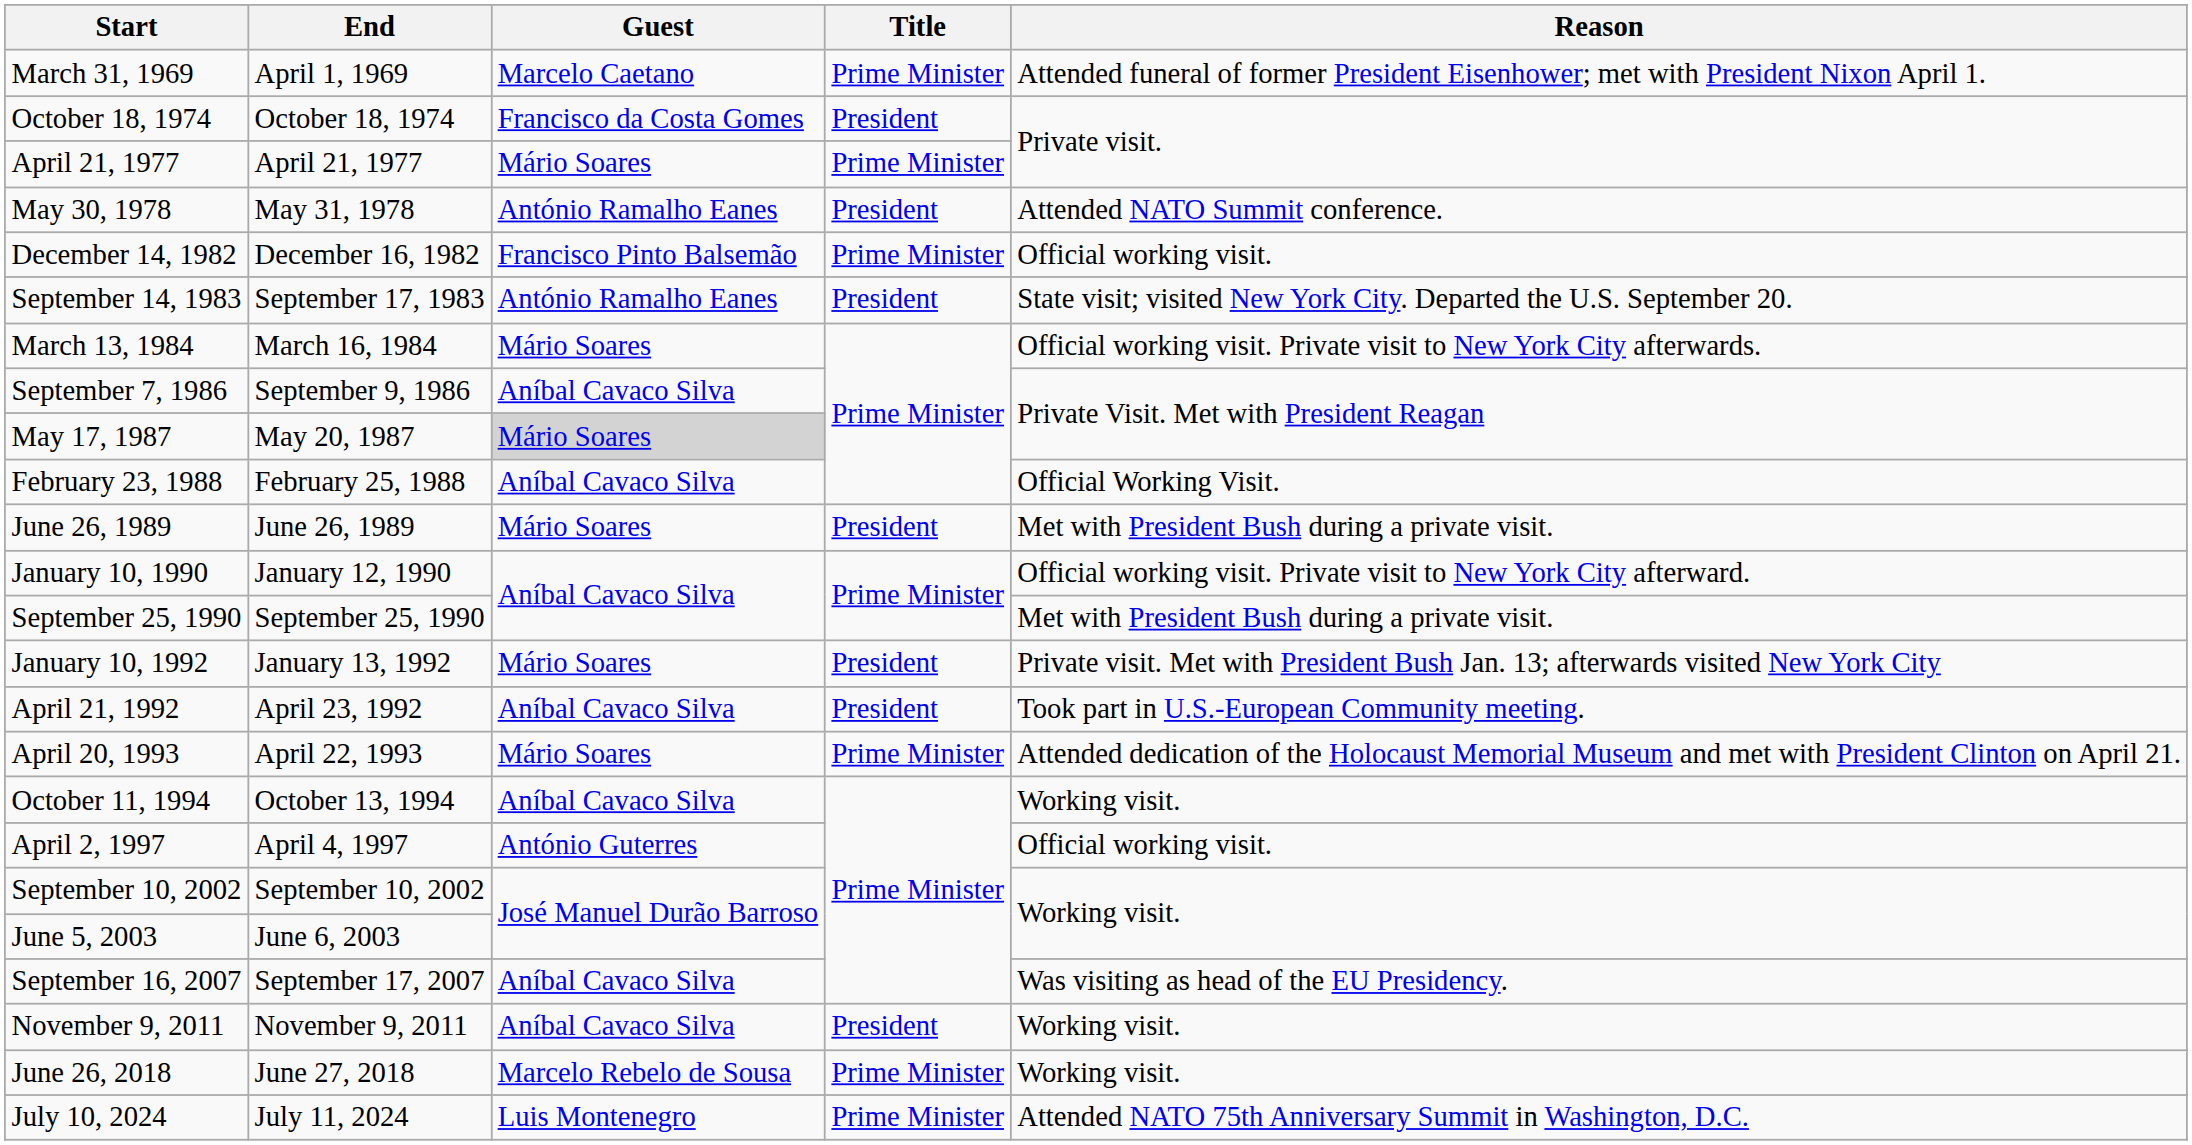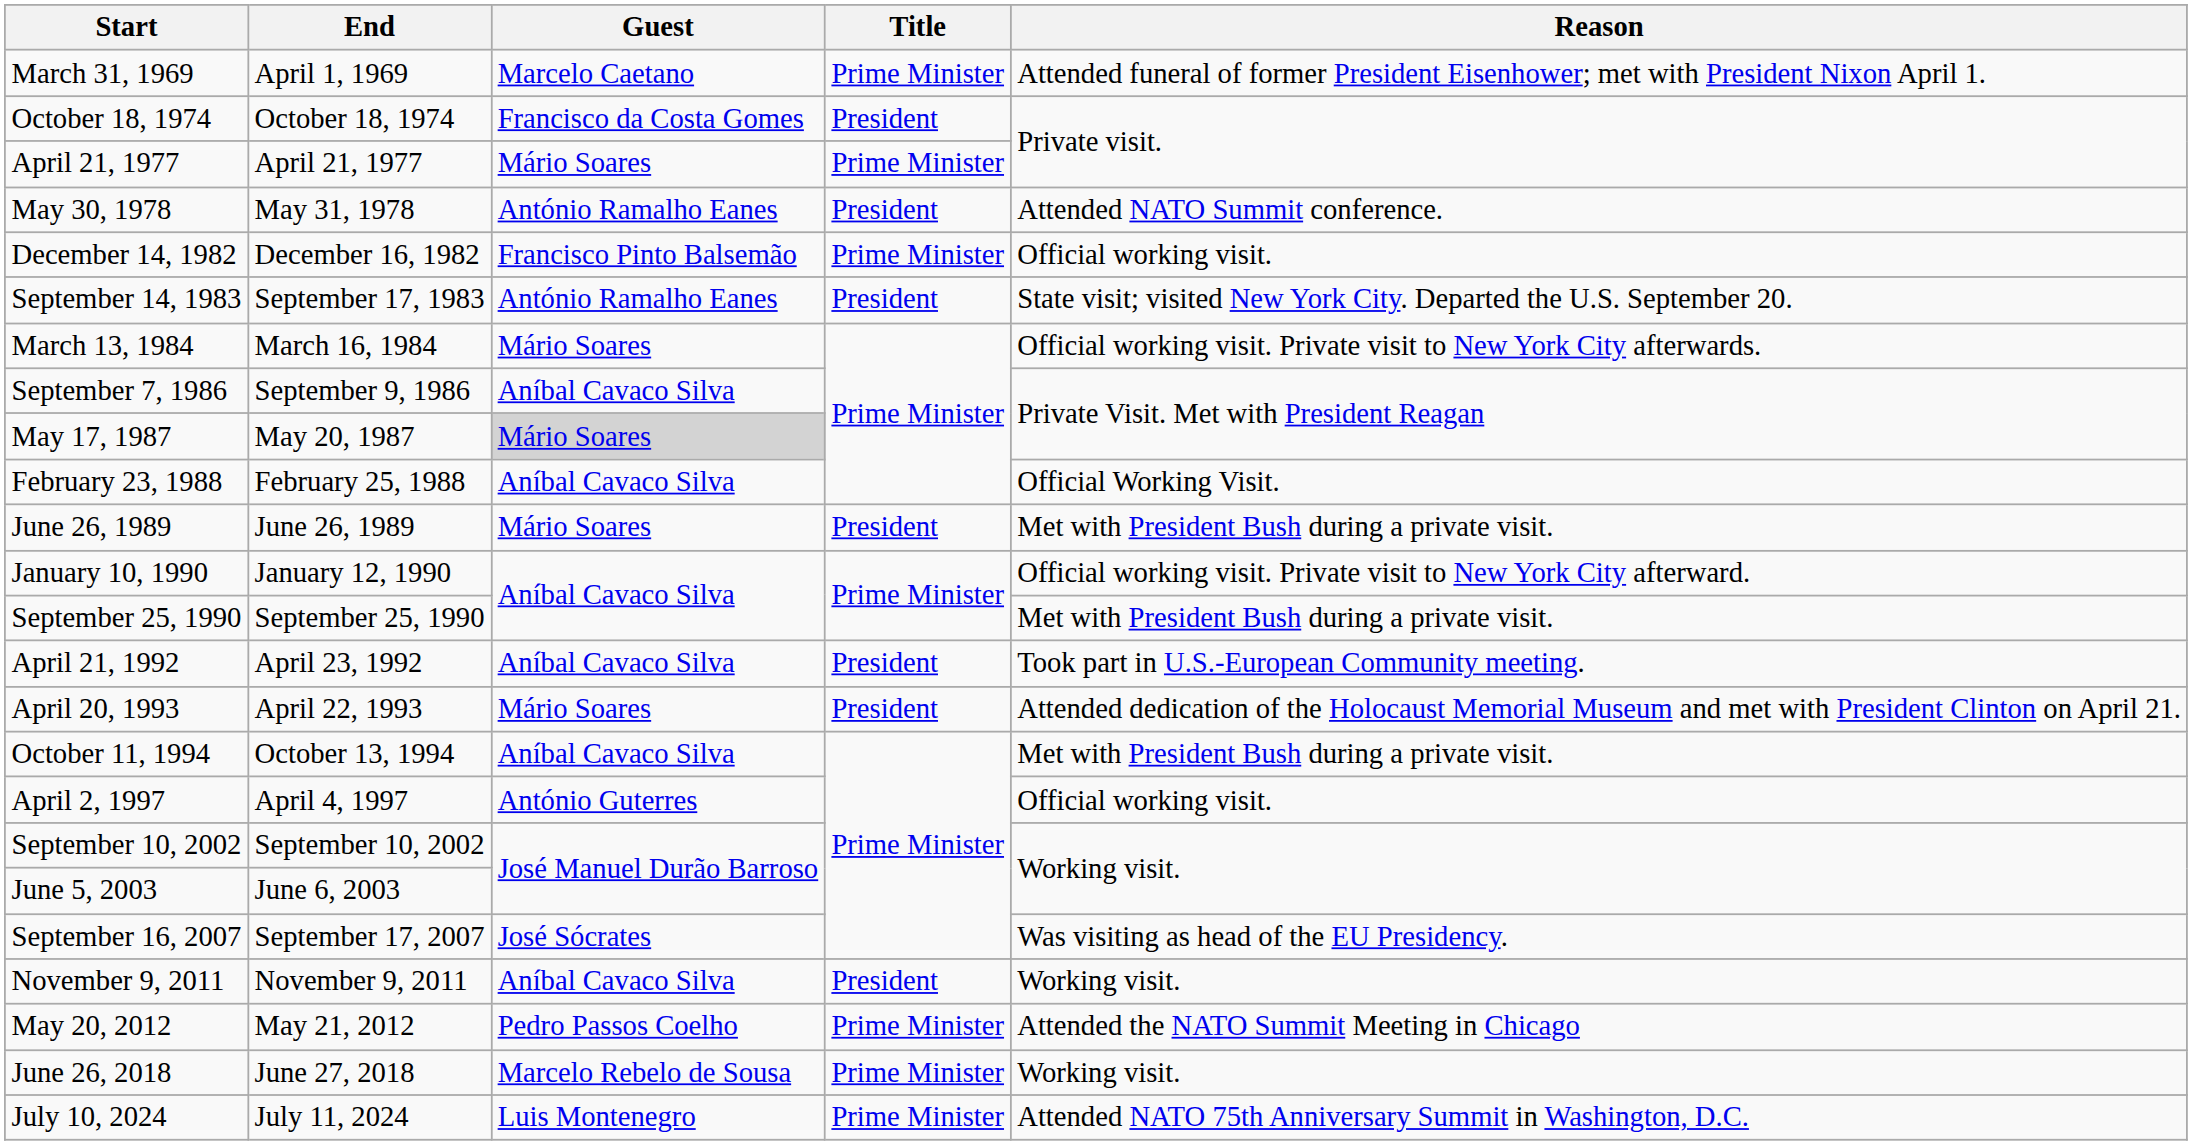 <table class="wikitable sortable">
 <tr>
 <th>Start</th>
 <th>End</th>
 <th>Guest</th>
 <th>Title</th>
 <th>Reason</th>
 </tr>
 <tr>
 <td>March 31, 1969</td>
 <td>April 1, 1969</td>
 <td><a href='#'>Marcelo Caetano</a></td>
 <td><a href='#'>Prime Minister</a></td>
 <td>Attended funeral of former <a href='#'>President Eisenhower</a>; met with <a href='#'>President Nixon</a> April 1.</td>
 </tr>
 <tr>
 <td>October 18, 1974</td>
 <td>October 18, 1974</td>
 <td><a href='#'>Francisco da Costa Gomes</a></td>
 <td><a href='#'>President</a></td>
 <td rowspan=2>Private visit.</td>
 </tr>
 <tr>
 <td>April 21, 1977</td>
 <td>April 21, 1977</td>
 <td><a href='#'>Mário Soares</a></td>
 <td><a href='#'>Prime Minister</a></td>
 </tr>
 <tr>
 <td>May 30, 1978</td>
 <td>May 31, 1978</td>
 <td><a href='#'>António Ramalho Eanes</a></td>
 <td><a href='#'>President</a></td>
 <td>Attended <a href='#'>NATO Summit</a> conference.</td>
 </tr>
 <tr>
 <td>December 14, 1982</td>
 <td>December 16, 1982</td>
 <td><a href='#'>Francisco Pinto Balsemão</a></td>
 <td><a href='#'>Prime Minister</a></td>
 <td>Official working visit.</td>
 </tr>
 <tr>
 <td>September 14, 1983</td>
 <td>September 17, 1983</td>
 <td><a href='#'>António Ramalho Eanes</a></td>
 <td><a href='#'>President</a></td>
 <td>State visit; visited <a href='#'>New York City</a>. Departed the U.S. September 20.</td>
 </tr>
 <tr>
 <td>March 13, 1984</td>
 <td>March 16, 1984</td>
 <td><a href='#'>Mário Soares</a></td>
 <td rowspan="4"><a href='#'>Prime Minister</a></td>
 <td>Official working visit. Private visit to <a href='#'>New York City</a> afterwards.</td>
 </tr>
 <tr>
 <td>September 7, 1986</td>
 <td>September 9, 1986</td>
 <td><a href='#'>Aníbal Cavaco Silva</a></td>
 <td rowspan=2>Private Visit. Met with <a href='#'>President Reagan</a></td>
 </tr>
 <tr>
 <td>May 17, 1987</td>
 <td>May 20, 1987</td>
 <td style="background: lightgrey;"><a href='#'>Mário Soares</a></td>
 </tr>
 <tr>
 <td>February 23, 1988</td>
 <td>February 25, 1988</td>
 <td><a href='#'>Aníbal Cavaco Silva</a></td>
 <td>Official Working Visit.</td>
 </tr>
 <tr>
 <td>June 26, 1989</td>
 <td>June 26, 1989</td>
 <td><a href='#'>Mário Soares</a></td>
 <td><a href='#'>President</a></td>
 <td>Met with <a href='#'>President Bush</a> during a private visit.</td>
 </tr>
 <tr>
 <td>January 10, 1990</td>
 <td>January 12, 1990</td>
 <td rowspan="2"><a href='#'>Aníbal Cavaco Silva</a></td>
 <td rowspan="2"><a href='#'>Prime Minister</a></td>
 <td>Official working visit. Private visit to <a href='#'>New York City</a> afterward.</td>
 </tr>
 <tr>
 <td>September 25, 1990</td>
 <td>September 25, 1990</td>
 <td>Met with <a href='#'>President Bush</a> during a private visit.</td>
 </tr>
 <tr>
-<td>January 10, 1992</td>
-<td>January 13, 1992</td>
-<td><a href='#'>Mário Soares</a></td>
-<td><a href='#'>President</a></td>
-<td>Private visit. Met with <a href='#'>President Bush</a> Jan. 13; afterwards visited <a href='#'>New York City</a></td>
-</tr>
-<tr>
 <td>April 21, 1992</td>
 <td>April 23, 1992</td>
 <td><a href='#'>Aníbal Cavaco Silva</a></td>
 <td><a href='#'>President</a></td>
 <td>Took part in <a href='#'>U.S.-European Community meeting</a>.</td>
 </tr>
 <tr>
 <td>April 20, 1993</td>
 <td>April 22, 1993</td>
 <td><a href='#'>Mário Soares</a></td>
-<td><a href='#'>Prime Minister</a></td>
+<td><a href='#'>President</a></td>
 <td>Attended dedication of the <a href='#'>Holocaust Memorial Museum</a> and met with <a href='#'>President Clinton</a> on April 21.</td>
 </tr>
 <tr>
 <td>October 11, 1994</td>
 <td>October 13, 1994</td>
 <td><a href='#'>Aníbal Cavaco Silva</a></td>
 <td rowspan="5"><a href='#'>Prime Minister</a></td>
-<td>Working visit.</td>
+<td>Met with <a href='#'>President Bush</a> during a private visit.</td>
 </tr>
 <tr>
 <td>April 2, 1997</td>
 <td>April 4, 1997</td>
 <td><a href='#'>António Guterres</a></td>
 <td>Official working visit.</td>
 </tr>
 <tr>
 <td>September 10, 2002</td>
 <td>September 10, 2002</td>
 <td rowspan=2><a href='#'>José Manuel Durão Barroso</a></td>
 <td rowspan=2>Working visit.</td>
 </tr>
 <tr>
 <td>June 5, 2003</td>
 <td>June 6, 2003</td>
 </tr>
 <tr>
 <td>September 16, 2007</td>
 <td>September 17, 2007</td>
-<td><a href='#'>Aníbal Cavaco Silva</a></td>
+<td><a href='#'>José Sócrates</a></td>
 <td>Was visiting as head of the <a href='#'>EU Presidency</a>.</td>
 </tr>
 <tr>
 <td>November 9, 2011</td>
 <td>November 9, 2011</td>
 <td><a href='#'>Aníbal Cavaco Silva</a></td>
 <td><a href='#'>President</a></td>
 <td>Working visit.</td>
+</tr>
+<tr>
+<td>May 20, 2012</td>
+<td>May 21, 2012</td>
+<td><a href='#'>Pedro Passos Coelho</a></td>
+<td><a href='#'>Prime Minister</a></td>
+<td>Attended the <a href='#'>NATO Summit</a> Meeting in <a href='#'>Chicago</a></td>
 </tr>
 <tr>
 <td>June 26, 2018</td>
 <td>June 27, 2018</td>
 <td><a href='#'>Marcelo Rebelo de Sousa</a></td>
 <td><a href='#'>Prime Minister</a></td>
 <td>Working visit.</td>
 </tr>
 <tr>
 <td>July 10, 2024</td>
 <td>July 11, 2024</td>
 <td><a href='#'>Luis Montenegro</a></td>
 <td><a href='#'>Prime Minister</a></td>
 <td>Attended <a href='#'>NATO 75th Anniversary Summit</a> in <a href='#'>Washington, D.C.</a></td>
 </tr>
 </table>
